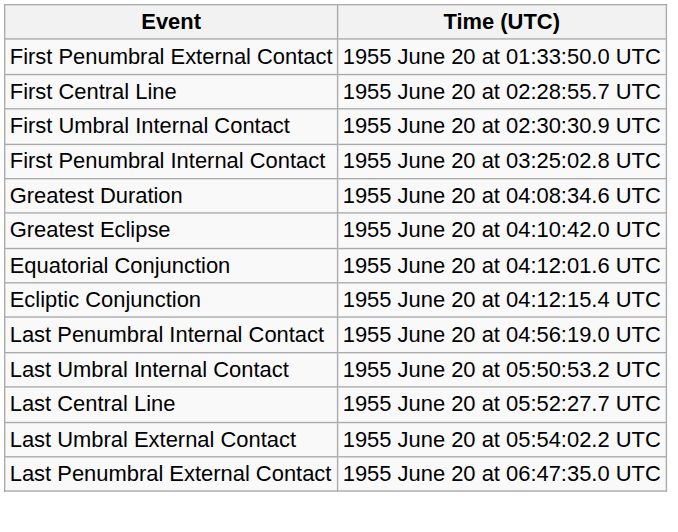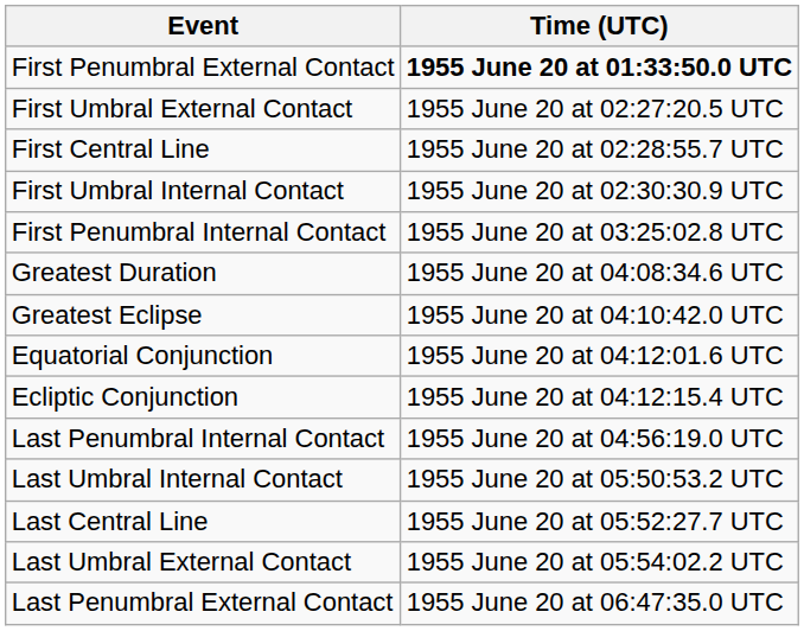 <table class="wikitable">
 <tr>
 <th>Event</th>
 <th>Time (UTC)</th>
 </tr>
 <tr>
 <td>First Penumbral External Contact</td>
-<td>1955 June 20 at 01:33:50.0 UTC</td>
+<td><strong>1955 June 20 at 01:33:50.0 UTC</strong></td>
+</tr>
+<tr>
+<td>First Umbral External Contact</td>
+<td>1955 June 20 at 02:27:20.5 UTC</td>
 </tr>
 <tr>
 <td>First Central Line</td>
 <td>1955 June 20 at 02:28:55.7 UTC</td>
 </tr>
 <tr>
 <td>First Umbral Internal Contact</td>
 <td>1955 June 20 at 02:30:30.9 UTC</td>
 </tr>
 <tr>
 <td>First Penumbral Internal Contact</td>
 <td>1955 June 20 at 03:25:02.8 UTC</td>
 </tr>
 <tr>
 <td>Greatest Duration</td>
 <td>1955 June 20 at 04:08:34.6 UTC</td>
 </tr>
 <tr>
 <td>Greatest Eclipse</td>
 <td>1955 June 20 at 04:10:42.0 UTC</td>
 </tr>
 <tr>
 <td>Equatorial Conjunction</td>
 <td>1955 June 20 at 04:12:01.6 UTC</td>
 </tr>
 <tr>
 <td>Ecliptic Conjunction</td>
 <td>1955 June 20 at 04:12:15.4 UTC</td>
 </tr>
 <tr>
 <td>Last Penumbral Internal Contact</td>
 <td>1955 June 20 at 04:56:19.0 UTC</td>
 </tr>
 <tr>
 <td>Last Umbral Internal Contact</td>
 <td>1955 June 20 at 05:50:53.2 UTC</td>
 </tr>
 <tr>
 <td>Last Central Line</td>
 <td>1955 June 20 at 05:52:27.7 UTC</td>
 </tr>
 <tr>
 <td>Last Umbral External Contact</td>
 <td>1955 June 20 at 05:54:02.2 UTC</td>
 </tr>
 <tr>
 <td>Last Penumbral External Contact</td>
 <td>1955 June 20 at 06:47:35.0 UTC</td>
 </tr>
 </table>
